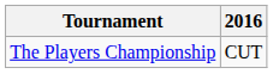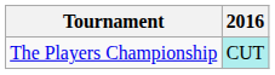 <table class="wikitable" style="font-size:95%;text-align:center;">
 <tr>
 <th>Tournament</th>
 <th>2016</th>
 </tr>
 <tr>
 <td align=left><a href='#'>The Players Championship</a></td>
-<td>CUT</td>
+<td style="background: paleturquoise;">CUT</td>
 </tr>
 </table>
